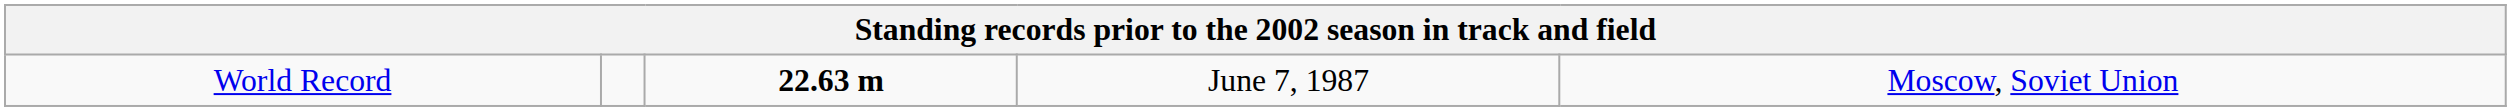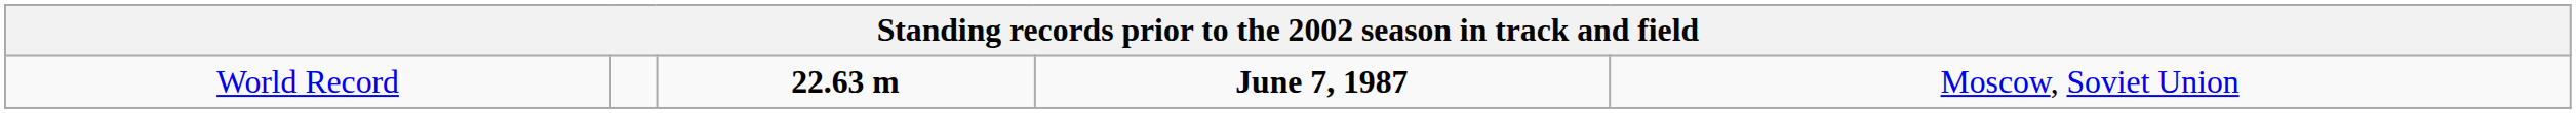 <table class="wikitable" style="text-align:center; width:100%">
 <tr>
 <th colspan="5">Standing records prior to the 2002 season in track and field</th>
 </tr>
 <tr>
 <td><a href='#'>World Record</a></td>
 <td></td>
 <td><strong>22.63 m </strong></td>
-<td>June 7, 1987</td>
+<td><strong>June 7, 1987</strong></td>
 <td> <a href='#'>Moscow</a>, <a href='#'>Soviet Union</a></td>
 </tr>
 </table>
